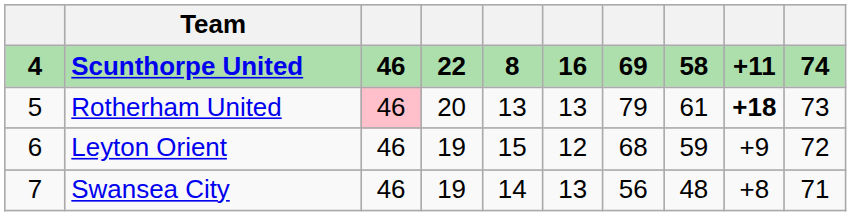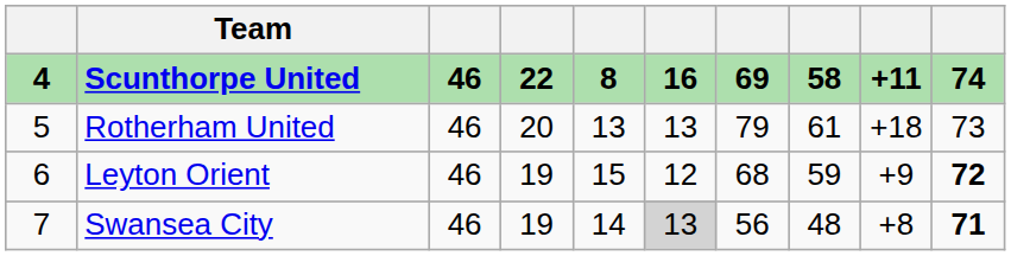 <table class="wikitable" style="text-align:center">
 <tr>
 <th width="30"></th>
 <th width="175">Team</th>
 <th width="30"></th>
 <th width="30"></th>
 <th width="30"></th>
 <th width="30"></th>
 <th width="30"></th>
 <th width="30"></th>
 <th width="30"></th>
 <th width="30"></th>
 </tr>
 <tr bgcolor=#ADDFAD>
 <td><strong>4</strong></td>
 <td align=left><strong><a href='#'>Scunthorpe United</a></strong></td>
 <td><strong>46</strong></td>
 <td><strong>22</strong></td>
 <td><strong>8</strong></td>
 <td><strong>16</strong></td>
 <td><strong>69</strong></td>
 <td><strong>58</strong></td>
 <td><strong>+11</strong></td>
 <td><strong>74</strong></td>
 </tr>
 <tr>
 <td>5</td>
 <td align=left><a href='#'>Rotherham United</a></td>
-<td style="background: pink;">46</td>
+<td>46</td>
 <td>20</td>
 <td>13</td>
 <td>13</td>
 <td>79</td>
 <td>61</td>
-<td><strong>+18</strong></td>
+<td>+18</td>
 <td>73</td>
 </tr>
 <tr>
 <td>6</td>
 <td align=left><a href='#'>Leyton Orient</a></td>
 <td>46</td>
 <td>19</td>
 <td>15</td>
 <td>12</td>
 <td>68</td>
 <td>59</td>
 <td>+9</td>
-<td>72</td>
+<td><strong>72</strong></td>
 </tr>
 <tr>
 <td>7</td>
 <td align=left><a href='#'>Swansea City</a></td>
 <td>46</td>
 <td>19</td>
 <td>14</td>
-<td>13</td>
+<td style="background: lightgrey;">13</td>
 <td>56</td>
 <td>48</td>
 <td>+8</td>
-<td>71</td>
+<td><strong>71</strong></td>
 </tr>
 </table>
